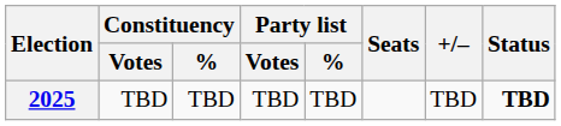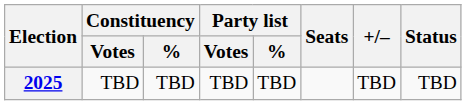 <table class="wikitable" style="font-size:97%; text-align:right;">
 <tr>
 <th rowspan=2>Election</th>
 <th colspan=2>Constituency</th>
 <th colspan=2>Party list</th>
 <th rowspan=2>Seats</th>
 <th rowspan=2>+/–</th>
 <th rowspan=2>Status</th>
 </tr>
 <tr>
 <th>Votes</th>
 <th>%</th>
 <th>Votes</th>
 <th>%</th>
 </tr>
 <tr>
 <th><a href='#'>2025</a></th>
 <td>TBD</td>
 <td>TBD</td>
 <td>TBD</td>
 <td>TBD</td>
 <td></td>
 <td>TBD</td>
-<td><strong>TBD</strong></td>
+<td>TBD</td>
 </tr>
 </table>
